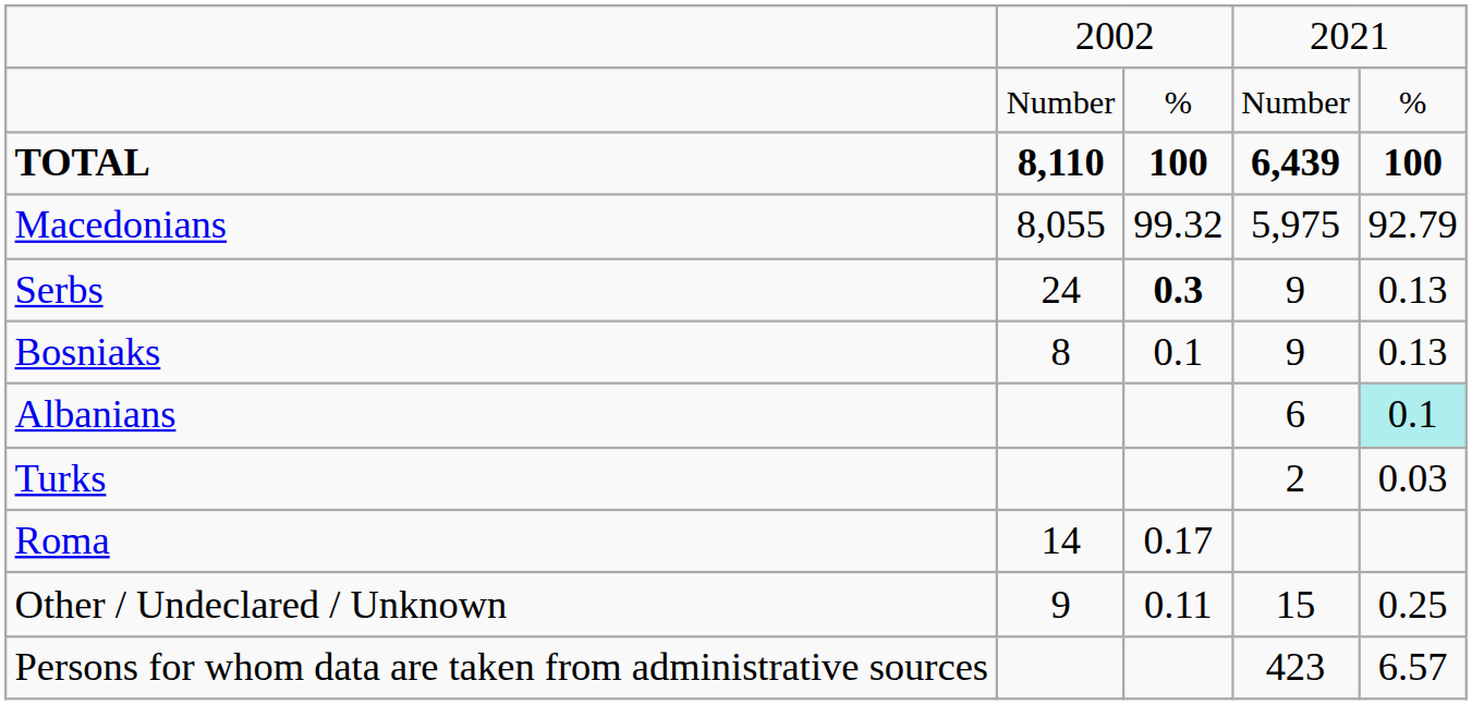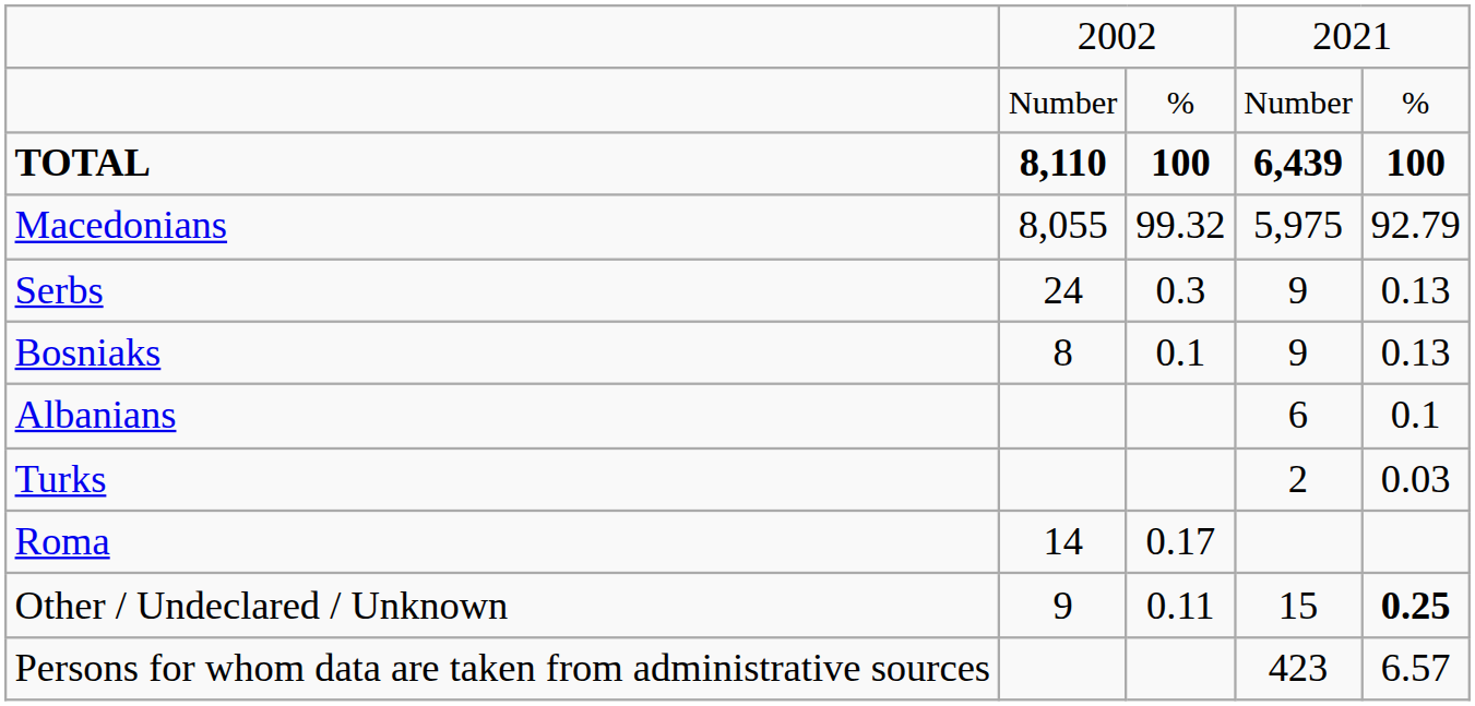 <table class="wikitable">
 <tr>
 <td></td>
 <td colspan="2" align="center">2002</td>
 <td colspan="2" align="center">2021</td>
 </tr>
 <tr>
 <td></td>
 <td align="center"><small>Number</small></td>
 <td align="center"><small>%</small></td>
 <td align="center"><small>Number</small></td>
 <td align="center"><small>%</small></td>
 </tr>
 <tr>
 <td><strong>TOTAL</strong></td>
 <td align="center"><strong>8,110</strong></td>
 <td align="center"><strong>100</strong></td>
 <td align="center"><strong>6,439</strong></td>
 <td align="center"><strong>100</strong></td>
 </tr>
 <tr>
 <td><a href='#'>Macedonians</a></td>
 <td align="center">8,055</td>
 <td align="center">99.32</td>
 <td align="center">5,975</td>
 <td align="center">92.79</td>
 </tr>
 <tr>
 <td><a href='#'>Serbs</a></td>
 <td align="center">24</td>
-<td align="center"><strong>0.3</strong></td>
+<td align="center">0.3</td>
 <td align="center">9</td>
 <td align="center">0.13</td>
 </tr>
 <tr>
 <td><a href='#'>Bosniaks</a></td>
 <td align="center">8</td>
 <td align="center">0.1</td>
 <td align="center">9</td>
 <td align="center">0.13</td>
 </tr>
 <tr>
 <td><a href='#'>Albanians</a></td>
 <td align="center"></td>
 <td align="center"></td>
 <td align="center">6</td>
-<td align="center" style="background: paleturquoise;">0.1</td>
+<td align="center">0.1</td>
 </tr>
 <tr>
 <td><a href='#'>Turks</a></td>
 <td align="center"></td>
 <td align="center"></td>
 <td align="center">2</td>
 <td align="center">0.03</td>
 </tr>
 <tr>
 <td><a href='#'>Roma</a></td>
 <td align="center">14</td>
 <td align="center">0.17</td>
 <td align="center"></td>
 <td align="center"></td>
 </tr>
 <tr>
 <td>Other / Undeclared / Unknown</td>
 <td align="center">9</td>
 <td align="center">0.11</td>
 <td align="center">15</td>
-<td align="center">0.25</td>
+<td align="center"><strong>0.25</strong></td>
 </tr>
 <tr>
 <td>Persons for whom data are taken from administrative sources</td>
 <td align="center"></td>
 <td align="center"></td>
 <td align="center">423</td>
 <td align="center">6.57</td>
 </tr>
 </table>
